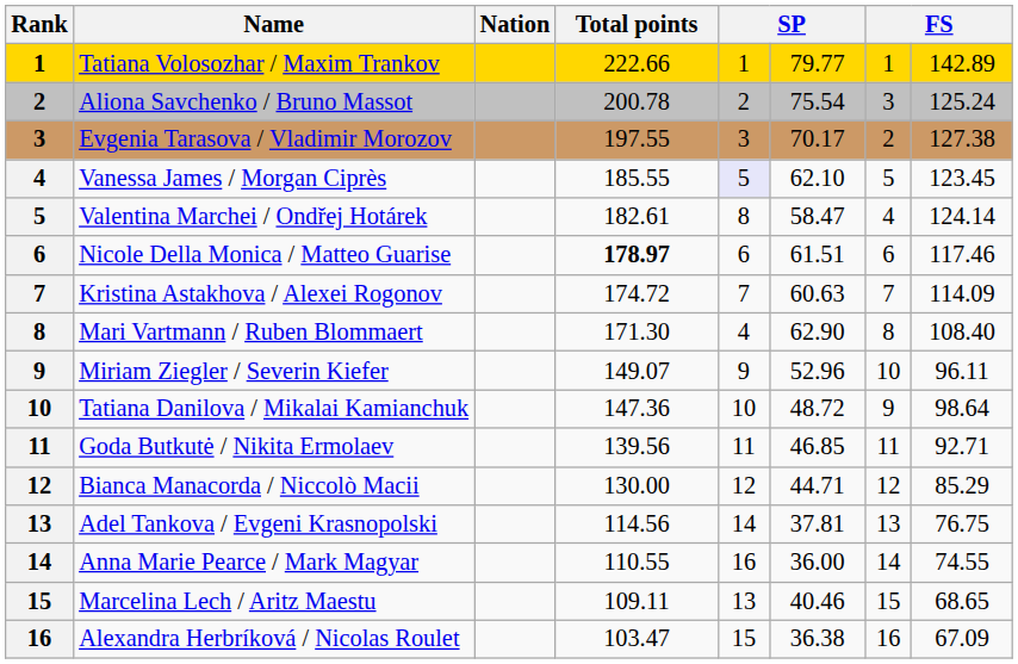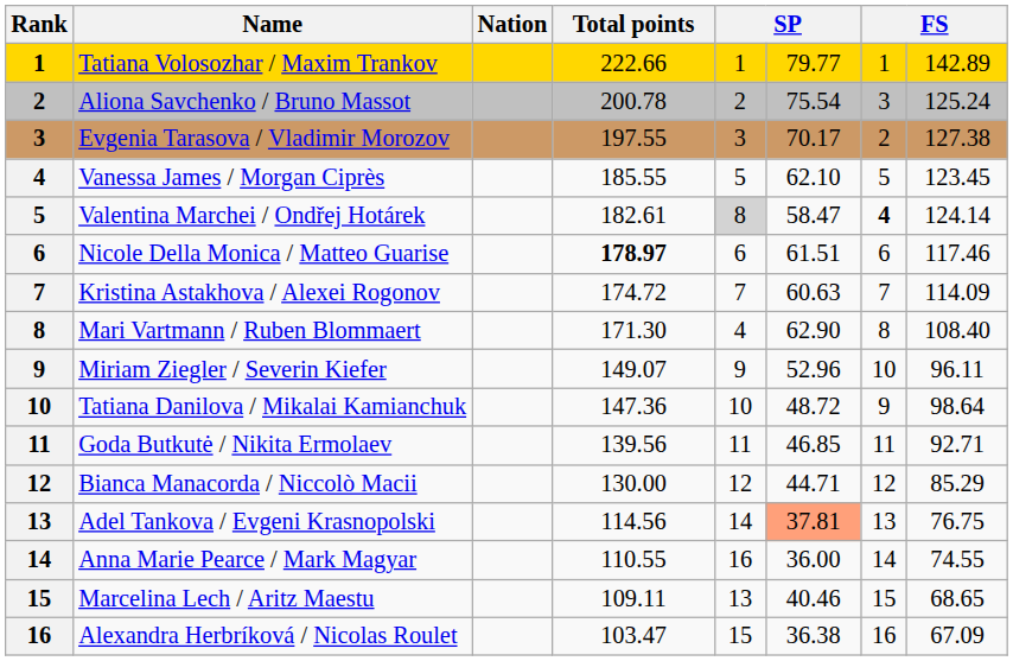 <table class="wikitable sortable">
 <tr>
 <th>Rank</th>
 <th>Name</th>
 <th>Nation</th>
 <th width="100px">Total points</th>
 <th colspan="2" width="90px"><a href='#'>SP</a></th>
 <th colspan="2" width="90px"><a href='#'>FS</a></th>
 </tr>
 <tr bgcolor="gold">
 <td align="center" bgcolor="gold"><strong>1</strong></td>
 <td><a href='#'>Tatiana Volosozhar</a> / <a href='#'>Maxim Trankov</a></td>
 <td></td>
 <td align="center">222.66</td>
 <td align="center">1</td>
 <td align="center">79.77</td>
 <td align="center">1</td>
 <td align="center">142.89</td>
 </tr>
 <tr bgcolor="silver">
 <td align="center" bgcolor="silver"><strong>2</strong></td>
 <td><a href='#'>Aliona Savchenko</a> / <a href='#'>Bruno Massot</a></td>
 <td></td>
 <td align="center">200.78</td>
 <td align="center">2</td>
 <td align="center">75.54</td>
 <td align="center">3</td>
 <td align="center">125.24</td>
 </tr>
 <tr bgcolor="#cc9966">
 <td align="center" bgcolor="#cc9966"><strong>3</strong></td>
 <td><a href='#'>Evgenia Tarasova</a> / <a href='#'>Vladimir Morozov</a></td>
 <td></td>
 <td align="center">197.55</td>
 <td align="center">3</td>
 <td align="center">70.17</td>
 <td align="center">2</td>
 <td align="center">127.38</td>
 </tr>
 <tr>
 <th>4</th>
 <td><a href='#'>Vanessa James</a> / <a href='#'>Morgan Ciprès</a></td>
 <td></td>
 <td align="center">185.55</td>
-<td align="center" style="background: lavender;">5</td>
+<td align="center">5</td>
 <td align="center">62.10</td>
 <td align="center">5</td>
 <td align="center">123.45</td>
 </tr>
 <tr>
 <th>5</th>
 <td><a href='#'>Valentina Marchei</a> / <a href='#'>Ondřej Hotárek</a></td>
 <td></td>
 <td align="center">182.61</td>
-<td align="center">8</td>
+<td align="center" style="background: lightgrey;">8</td>
 <td align="center">58.47</td>
-<td align="center">4</td>
+<td align="center"><strong>4</strong></td>
 <td align="center">124.14</td>
 </tr>
 <tr>
 <th>6</th>
 <td><a href='#'>Nicole Della Monica</a> / <a href='#'>Matteo Guarise</a></td>
 <td></td>
 <td align="center"><strong>178.97</strong></td>
 <td align="center">6</td>
 <td align="center">61.51</td>
 <td align="center">6</td>
 <td align="center">117.46</td>
 </tr>
 <tr>
 <th>7</th>
 <td><a href='#'>Kristina Astakhova</a> / <a href='#'>Alexei Rogonov</a></td>
 <td></td>
 <td align="center">174.72</td>
 <td align="center">7</td>
 <td align="center">60.63</td>
 <td align="center">7</td>
 <td align="center">114.09</td>
 </tr>
 <tr>
 <th>8</th>
 <td><a href='#'>Mari Vartmann</a> / <a href='#'>Ruben Blommaert</a></td>
 <td></td>
 <td align="center">171.30</td>
 <td align="center">4</td>
 <td align="center">62.90</td>
 <td align="center">8</td>
 <td align="center">108.40</td>
 </tr>
 <tr>
 <th>9</th>
 <td><a href='#'>Miriam Ziegler</a> / <a href='#'>Severin Kiefer</a></td>
 <td></td>
 <td align="center">149.07</td>
 <td align="center">9</td>
 <td align="center">52.96</td>
 <td align="center">10</td>
 <td align="center">96.11</td>
 </tr>
 <tr>
 <th>10</th>
 <td><a href='#'>Tatiana Danilova</a> / <a href='#'>Mikalai Kamianchuk</a></td>
 <td></td>
 <td align="center">147.36</td>
 <td align="center">10</td>
 <td align="center">48.72</td>
 <td align="center">9</td>
 <td align="center">98.64</td>
 </tr>
 <tr>
 <th>11</th>
 <td><a href='#'>Goda Butkutė</a> / <a href='#'>Nikita Ermolaev</a></td>
 <td></td>
 <td align="center">139.56</td>
 <td align="center">11</td>
 <td align="center">46.85</td>
 <td align="center">11</td>
 <td align="center">92.71</td>
 </tr>
 <tr>
 <th>12</th>
 <td><a href='#'>Bianca Manacorda</a> / <a href='#'>Niccolò Macii</a></td>
 <td></td>
 <td align="center">130.00</td>
 <td align="center">12</td>
 <td align="center">44.71</td>
 <td align="center">12</td>
 <td align="center">85.29</td>
 </tr>
 <tr>
 <th>13</th>
 <td><a href='#'>Adel Tankova</a> / <a href='#'>Evgeni Krasnopolski</a></td>
 <td></td>
 <td align="center">114.56</td>
 <td align="center">14</td>
-<td align="center">37.81</td>
+<td align="center" style="background: lightsalmon;">37.81</td>
 <td align="center">13</td>
 <td align="center">76.75</td>
 </tr>
 <tr>
 <th>14</th>
 <td><a href='#'>Anna Marie Pearce</a> / <a href='#'>Mark Magyar</a></td>
 <td></td>
 <td align="center">110.55</td>
 <td align="center">16</td>
 <td align="center">36.00</td>
 <td align="center">14</td>
 <td align="center">74.55</td>
 </tr>
 <tr>
 <th>15</th>
 <td><a href='#'>Marcelina Lech</a> / <a href='#'>Aritz Maestu</a></td>
 <td></td>
 <td align="center">109.11</td>
 <td align="center">13</td>
 <td align="center">40.46</td>
 <td align="center">15</td>
 <td align="center">68.65</td>
 </tr>
 <tr>
 <th>16</th>
 <td><a href='#'>Alexandra Herbríková</a> / <a href='#'>Nicolas Roulet</a></td>
 <td></td>
 <td align="center">103.47</td>
 <td align="center">15</td>
 <td align="center">36.38</td>
 <td align="center">16</td>
 <td align="center">67.09</td>
 </tr>
 </table>
